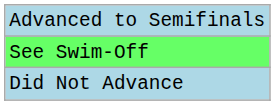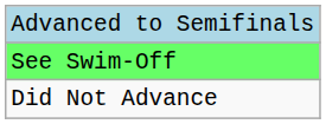 <table class="wikitable">
 <tr bgcolor=lightblue>
 <td>Advanced to Semifinals</td>
 </tr>
 <tr bgcolor=66ff66>
 <td>See Swim-Off</td>
 </tr>
 <tr>
-<td style="background: lightblue;">Did Not Advance</td>
+<td>Did Not Advance</td>
 </tr>
 </table>
